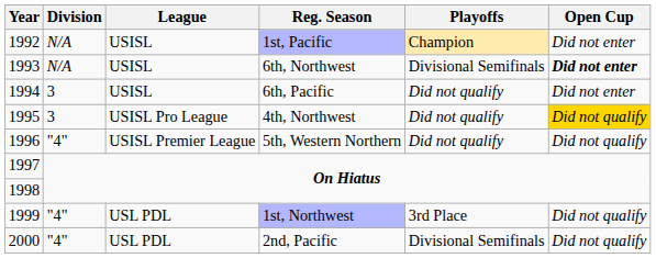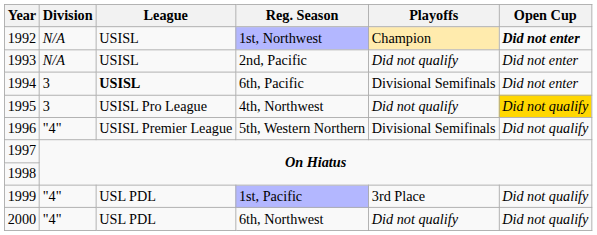 <table class="wikitable">
 <tr>
 <th>Year</th>
 <th>Division</th>
 <th>League</th>
 <th>Reg. Season</th>
 <th>Playoffs</th>
 <th>Open Cup</th>
 </tr>
 <tr>
 <td>1992</td>
 <td><em>N/A</em></td>
 <td>USISL</td>
-<td bgcolor="B3B7FF">1st, Pacific</td>
+<td bgcolor="B3B7FF">1st, Northwest</td>
 <td bgcolor="FFEBAD">Champion</td>
-<td><em>Did not enter</em></td>
+<td><strong><em>Did not enter</em></strong></td>
 </tr>
 <tr>
 <td>1993</td>
 <td><em>N/A</em></td>
 <td>USISL</td>
-<td>6th, Northwest</td>
-<td>Divisional Semifinals</td>
-<td><strong><em>Did not enter</em></strong></td>
+<td>2nd, Pacific</td>
+<td><em>Did not qualify</em></td>
+<td><em>Did not enter</em></td>
 </tr>
 <tr>
 <td>1994</td>
 <td>3</td>
-<td>USISL</td>
+<td><strong>USISL</strong></td>
 <td>6th, Pacific</td>
-<td><em>Did not qualify</em></td>
+<td>Divisional Semifinals</td>
 <td><em>Did not enter</em></td>
 </tr>
 <tr>
 <td>1995</td>
 <td>3</td>
 <td>USISL Pro League</td>
 <td>4th, Northwest</td>
 <td><em>Did not qualify</em></td>
 <td style="background: gold;"><em>Did not qualify</em></td>
 </tr>
 <tr>
 <td>1996</td>
 <td>"4"</td>
 <td>USISL Premier League</td>
 <td>5th, Western Northern</td>
-<td><em>Did not qualify</em></td>
+<td>Divisional Semifinals</td>
 <td><em>Did not qualify</em></td>
 </tr>
 <tr>
 <td>1997</td>
 <td rowspan=2 colspan=6 align=center><strong><em>On Hiatus</em></strong></td>
 </tr>
 <tr>
 <td>1998</td>
 </tr>
 <tr>
 <td>1999</td>
 <td>"4"</td>
 <td>USL PDL</td>
-<td bgcolor="B3B7FF">1st, Northwest</td>
+<td bgcolor="B3B7FF">1st, Pacific</td>
 <td>3rd Place</td>
 <td><em>Did not qualify</em></td>
 </tr>
 <tr>
 <td>2000</td>
 <td>"4"</td>
 <td>USL PDL</td>
-<td>2nd, Pacific</td>
-<td>Divisional Semifinals</td>
+<td>6th, Northwest</td>
+<td><em>Did not qualify</em></td>
 <td><em>Did not qualify</em></td>
 </tr>
 </table>
